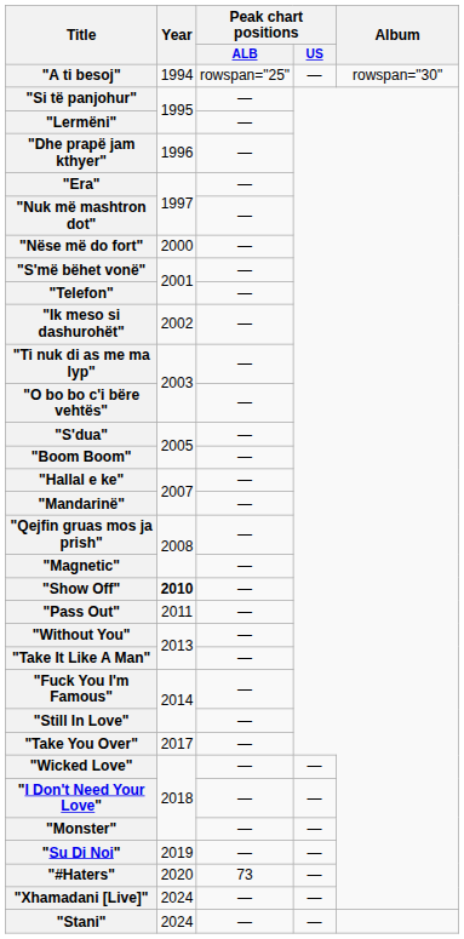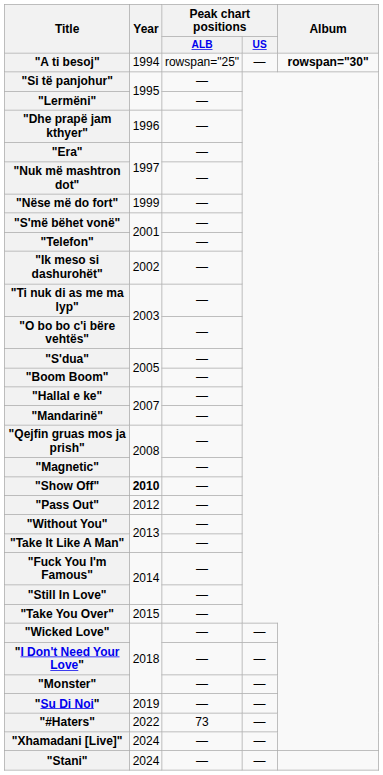 <table class="wikitable plainrowheaders" style="text-align:center;">
 <tr>
 <th scope="col" rowspan="2" style="width:10em;">Title</th>
 <th scope="col" rowspan="2" style="width:2em;">Year</th>
 <th scope="col" colspan="2">Peak chart positions</th>
 <th scope="col" rowspan="2" style="width:8em;">Album</th>
 </tr>
 <tr>
 <th style="width:3em; font-size:85%;"><a href='#'>ALB</a><br></th>
 <th style="width:3em; font-size:85%;"><a href='#'>US</a><br></th>
 </tr>
 <tr>
 <th scope="row">"A ti besoj"</th>
 <td>1994</td>
 <td>rowspan="25" </td>
 <td>—</td>
-<td>rowspan="30" </td>
+<td><strong>rowspan="30" </strong></td>
 </tr>
 <tr>
 <th scope="row">"Si të panjohur"</th>
 <td rowspan="2">1995</td>
 <td>—</td>
 </tr>
 <tr>
 <th scope="row">"Lermëni"</th>
 <td>—</td>
 </tr>
 <tr>
 <th scope="row">"Dhe prapë jam kthyer"</th>
 <td>1996</td>
 <td>—</td>
 </tr>
 <tr>
 <th scope="row">"Era"</th>
 <td rowspan="2">1997</td>
 <td>—</td>
 </tr>
 <tr>
 <th scope="row">"Nuk më mashtron dot"</th>
 <td>—</td>
 </tr>
 <tr>
 <th scope="row">"Nëse më do fort"</th>
-<td>2000</td>
+<td>1999</td>
 <td>—</td>
 </tr>
 <tr>
 <th scope="row">"S'më bëhet vonë"</th>
 <td rowspan="2">2001</td>
 <td>—</td>
 </tr>
 <tr>
 <th scope="row">"Telefon"</th>
 <td>—</td>
 </tr>
 <tr>
 <th scope="row">"Ik meso si dashurohët"</th>
 <td>2002</td>
 <td>—</td>
 </tr>
 <tr>
 <th scope="row">"Ti nuk di as me ma lyp"</th>
 <td rowspan="2">2003</td>
 <td>—</td>
 </tr>
 <tr>
 <th scope="row">"O bo bo c'i bëre vehtës"</th>
 <td>—</td>
 </tr>
 <tr>
 <th scope="row">"S'dua"</th>
 <td rowspan="2">2005</td>
 <td>—</td>
 </tr>
 <tr>
 <th scope="row">"Boom Boom"</th>
 <td>—</td>
 </tr>
 <tr>
 <th scope="row">"Hallal e ke"</th>
 <td rowspan="2">2007</td>
 <td>—</td>
 </tr>
 <tr>
 <th scope="row">"Mandarinë"<br></th>
 <td>—</td>
 </tr>
 <tr>
 <th scope="row">"Qejfin gruas mos ja prish"</th>
 <td rowspan="2">2008</td>
 <td>—</td>
 </tr>
 <tr>
 <th scope="row">"Magnetic"</th>
 <td>—</td>
 </tr>
 <tr>
 <th scope="row">"Show Off"</th>
 <td><strong>2010</strong></td>
 <td>—</td>
 </tr>
 <tr>
 <th scope="row">"Pass Out"</th>
-<td>2011</td>
+<td>2012</td>
 <td>—</td>
 </tr>
 <tr>
 <th scope="row">"Without You"</th>
 <td rowspan="2">2013</td>
 <td>—</td>
 </tr>
 <tr>
 <th scope="row">"Take It Like A Man"</th>
 <td>—</td>
 </tr>
 <tr>
 <th scope="row">"Fuck You I'm Famous"</th>
 <td rowspan="2">2014</td>
 <td>—</td>
 </tr>
 <tr>
 <th scope="row">"Still In Love"</th>
 <td>—</td>
 </tr>
 <tr>
 <th scope="row">"Take You Over"</th>
-<td>2017</td>
+<td>2015</td>
 <td>—</td>
 </tr>
 <tr>
 <th scope="row">"Wicked Love"</th>
 <td rowspan="3">2018</td>
 <td>—</td>
 <td>—</td>
 </tr>
 <tr>
 <th scope="row">"<a href='#'>I Don't Need Your Love</a>"</th>
 <td>—</td>
 <td>—</td>
 </tr>
 <tr>
 <th scope="row">"Monster"</th>
 <td>—</td>
 <td>—</td>
 </tr>
 <tr>
 <th scope="row">"<a href='#'>Su Di Noi</a>"</th>
 <td>2019</td>
 <td>—</td>
 <td>—</td>
 </tr>
 <tr>
 <th scope="row">"#Haters"<br></th>
-<td>2020</td>
+<td>2022</td>
 <td>73</td>
 <td>—</td>
 </tr>
 <tr>
 <th scope="row">"Xhamadani [Live]"</th>
 <td>2024</td>
 <td>—</td>
 <td>—</td>
 </tr>
 <tr>
 <th scope="row">"Stani"</th>
 <td>2024</td>
 <td>—</td>
 <td>—</td>
 <td colspan="11" style="font-size:90%"></td>
 </tr>
 </table>
